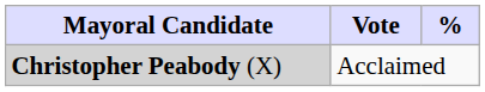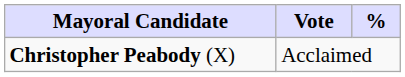 <table class="wikitable">
 <tr>
 <th style="background:#ddf; width:200px;">Mayoral Candidate</th>
 <th style="background:#ddf; width:50px;">Vote</th>
 <th style="background:#ddf; width:30px;">%</th>
 </tr>
 <tr>
-<td style="background: lightgrey;"><strong>Christopher Peabody</strong> (X)</td>
+<td><strong>Christopher Peabody</strong> (X)</td>
 <td colspan="2">Acclaimed</td>
 </tr>
 </table>
